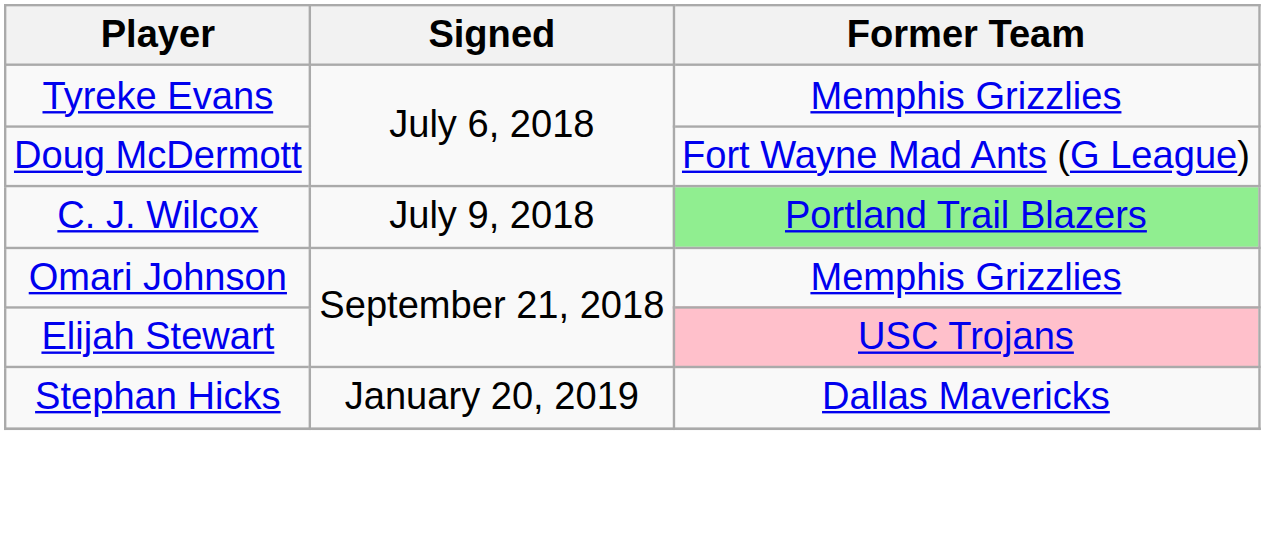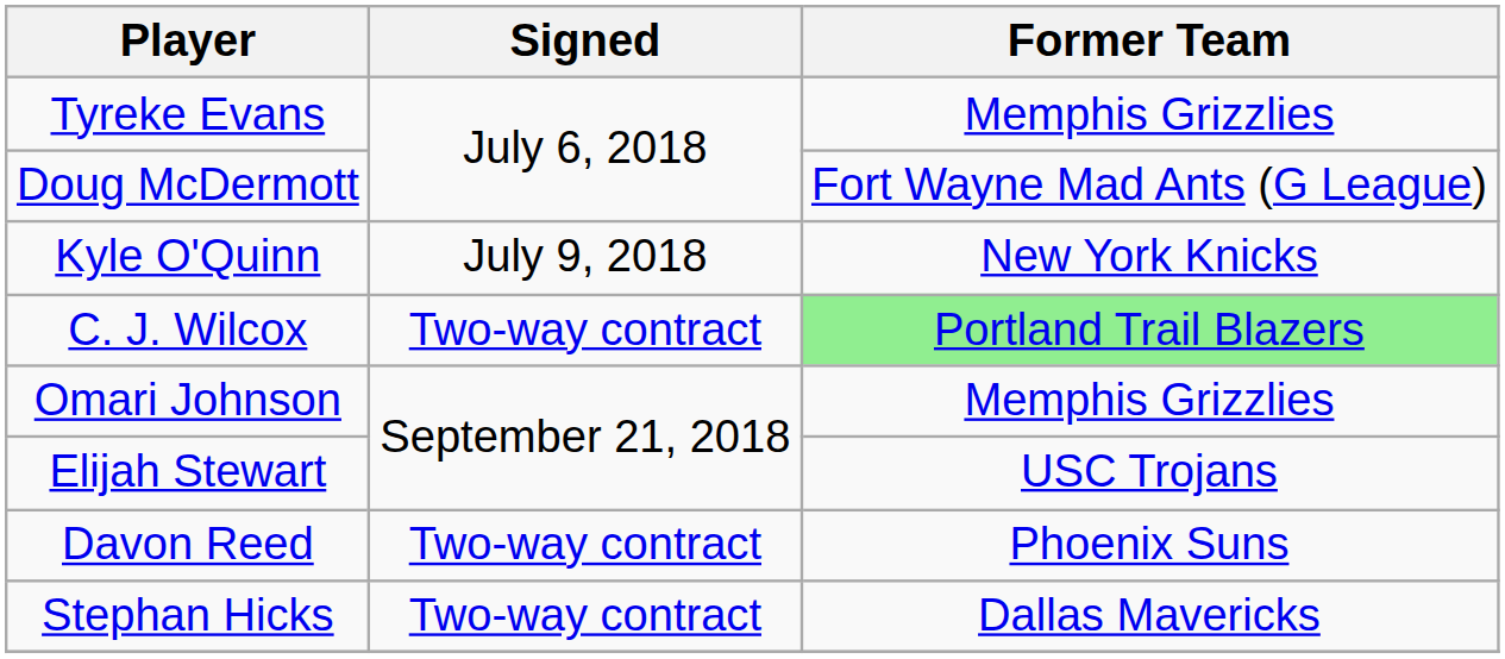 <table class="wikitable sortable sortable" style="text-align: center">
 <tr>
 <th>Player</th>
 <th>Signed</th>
 <th>Former Team</th>
 </tr>
 <tr>
 <td><a href='#'>Tyreke Evans</a></td>
 <td rowspan=2>July 6, 2018</td>
 <td><a href='#'>Memphis Grizzlies</a></td>
 </tr>
 <tr>
 <td><a href='#'>Doug McDermott</a></td>
 <td><a href='#'>Fort Wayne Mad Ants</a> (<a href='#'>G League</a>)</td>
 </tr>
 <tr>
+<td><a href='#'>Kyle O'Quinn</a></td>
+<td>July 9, 2018</td>
+<td><a href='#'>New York Knicks</a></td>
+</tr>
+<tr>
 <td><a href='#'>C. J. Wilcox</a></td>
-<td>July 9, 2018</td>
+<td><a href='#'>Two-way contract</a></td>
 <td style="background: lightgreen;"><a href='#'>Portland Trail Blazers</a></td>
 </tr>
 <tr>
 <td><a href='#'>Omari Johnson</a></td>
 <td rowspan=2>September 21, 2018</td>
 <td><a href='#'>Memphis Grizzlies</a></td>
 </tr>
 <tr>
 <td><a href='#'>Elijah Stewart</a></td>
-<td style="background: pink;"><a href='#'>USC Trojans</a></td>
+<td><a href='#'>USC Trojans</a></td>
+</tr>
+<tr>
+<td><a href='#'>Davon Reed</a></td>
+<td><a href='#'>Two-way contract</a></td>
+<td><a href='#'>Phoenix Suns</a></td>
 </tr>
 <tr>
 <td><a href='#'>Stephan Hicks</a></td>
-<td>January 20, 2019</td>
+<td><a href='#'>Two-way contract</a></td>
 <td><a href='#'>Dallas Mavericks</a></td>
 </tr>
 <tr>
 </tr>
 </table>
